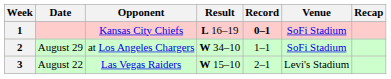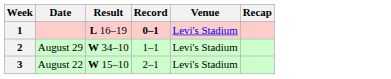 <table class="wikitable" style="text-align:center">
 <tr>
 <th>Week</th>
 <th>Date</th>
-<th>Opponent</th>
 <th>Result</th>
 <th>Record</th>
 <th>Venue</th>
 <th>Recap</th>
 </tr>
 <tr style="background:#fcc">
 <th>1</th>
 <td></td>
-<td><a href='#'>Kansas City Chiefs</a></td>
 <td><strong>L</strong> 16–19</td>
 <td><strong>0–1</strong></td>
-<td><a href='#'>SoFi Stadium</a></td>
+<td><a href='#'>Levi's Stadium</a></td>
 <td></td>
 </tr>
 <tr style="background:#cfc">
 <th>2</th>
 <td>August 29</td>
-<td>at <a href='#'>Los Angeles Chargers</a></td>
 <td><strong>W</strong> 34–10</td>
 <td>1–1</td>
-<td><a href='#'>SoFi Stadium</a></td>
+<td>Levi's Stadium</td>
 <td></td>
 </tr>
 <tr style="background:#cfc">
 <th>3</th>
 <td>August 22</td>
-<td><a href='#'>Las Vegas Raiders</a></td>
 <td><strong>W</strong> 15–10</td>
 <td>2–1</td>
 <td>Levi's Stadium</td>
 <td></td>
 </tr>
 </table>
